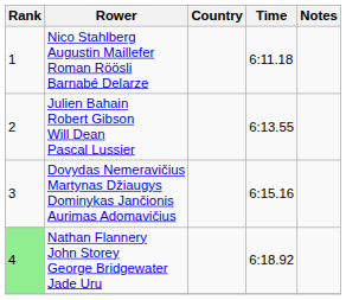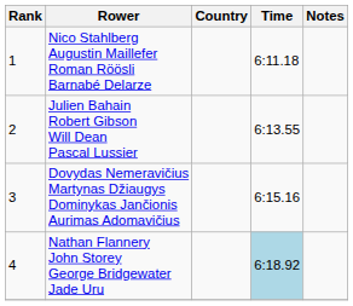 <table class="wikitable">
 <tr>
 <th>Rank</th>
 <th>Rower</th>
 <th>Country</th>
 <th>Time</th>
 <th>Notes</th>
 </tr>
 <tr>
 <td>1</td>
 <td><a href='#'>Nico Stahlberg</a><br><a href='#'>Augustin Maillefer</a><br><a href='#'>Roman Röösli</a><br><a href='#'>Barnabé Delarze</a></td>
 <td></td>
 <td>6:11.18</td>
 <td></td>
 </tr>
 <tr>
 <td>2</td>
 <td><a href='#'>Julien Bahain</a><br><a href='#'>Robert Gibson</a><br><a href='#'>Will Dean</a><br><a href='#'>Pascal Lussier</a></td>
 <td></td>
 <td>6:13.55</td>
 <td></td>
 </tr>
 <tr>
 <td>3</td>
 <td><a href='#'>Dovydas Nemeravičius</a><br><a href='#'>Martynas Džiaugys</a><br><a href='#'>Dominykas Jančionis</a><br><a href='#'>Aurimas Adomavičius</a></td>
 <td></td>
 <td>6:15.16</td>
 <td></td>
 </tr>
 <tr>
-<td style="background: lightgreen;">4</td>
+<td>4</td>
 <td><a href='#'>Nathan Flannery</a><br><a href='#'>John Storey</a><br><a href='#'>George Bridgewater</a><br><a href='#'>Jade Uru</a></td>
 <td></td>
-<td>6:18.92</td>
+<td style="background: lightblue;">6:18.92</td>
 <td></td>
 </tr>
 <tr>
 </tr>
 </table>
